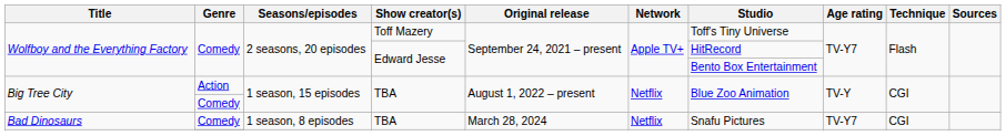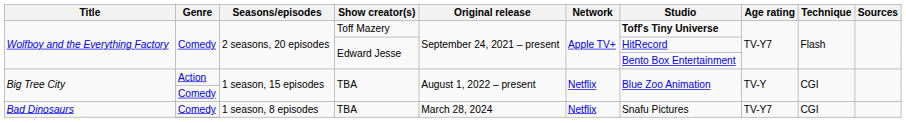 <table class="wikitable sortable" style="text-align: left; font-size:90%; width:100%;">
 <tr>
 <th>Title</th>
 <th>Genre</th>
 <th>Seasons/episodes</th>
 <th>Show creator(s)</th>
 <th>Original release</th>
 <th>Network</th>
 <th>Studio</th>
 <th>Age rating</th>
 <th>Technique</th>
 <th>Sources</th>
 </tr>
 <tr>
 <td rowspan="3"><em><a href='#'>Wolfboy and the Everything Factory</a></em></td>
 <td rowspan="3"><a href='#'>Comedy</a></td>
 <td rowspan="3">2 seasons, 20 episodes</td>
 <td>Toff Mazery</td>
 <td rowspan="3">September 24, 2021 – present</td>
 <td rowspan="3"><a href='#'>Apple TV+</a></td>
-<td>Toff's Tiny Universe</td>
+<td><strong>Toff's Tiny Universe</strong></td>
 <td rowspan="3">TV-Y7</td>
 <td rowspan="3">Flash</td>
 <td rowspan="3"></td>
 </tr>
 <tr>
 <td rowspan="2">Edward Jesse</td>
 <td><a href='#'>HitRecord</a></td>
 </tr>
 <tr>
 <td><a href='#'>Bento Box Entertainment</a></td>
 </tr>
 <tr>
 <td rowspan="2"><em>Big Tree City</em></td>
 <td><a href='#'>Action</a></td>
 <td rowspan="2">1 season, 15 episodes</td>
 <td rowspan="2">TBA</td>
 <td rowspan="2">August 1, 2022 – present</td>
 <td rowspan="2"><a href='#'>Netflix</a></td>
 <td rowspan="2"><a href='#'>Blue Zoo Animation</a></td>
 <td rowspan="2">TV-Y</td>
 <td rowspan="2">CGI</td>
 <td rowspan="2"></td>
 </tr>
 <tr>
 <td><a href='#'>Comedy</a></td>
 </tr>
 <tr>
 <td rowspan="2"><em><a href='#'>Bad Dinosaurs</a></em></td>
 <td><a href='#'>Comedy</a></td>
 <td rowspan="2">1 season, 8 episodes</td>
 <td rowspan="2">TBA</td>
 <td rowspan="2">March 28, 2024</td>
 <td rowspan="2"><a href='#'>Netflix</a></td>
 <td rowspan="2">Snafu Pictures</td>
 <td rowspan="2">TV-Y7</td>
 <td rowspan="2">CGI</td>
 <td rowspan="2"></td>
 </tr>
 <tr>
 </tr>
 </table>
